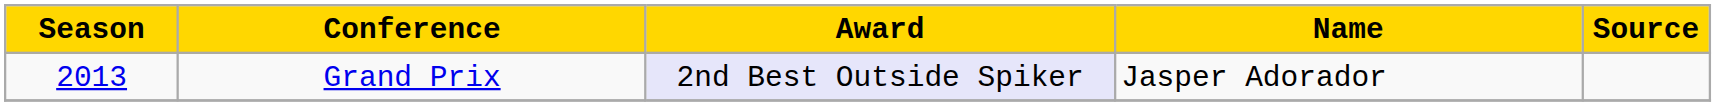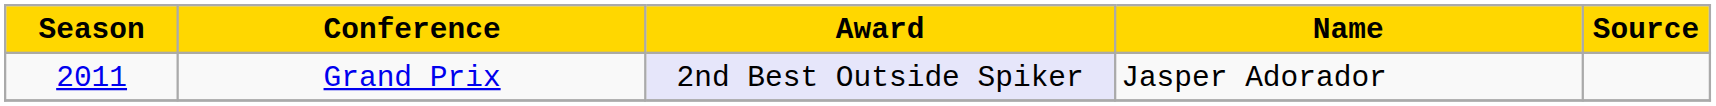 <table class="wikitable" style="text-align:center;">
 <tr>
 <th width=70px style="background: #FFD700; color: black text-align: center"><strong>Season</strong></th>
 <th width=200px style="background: #FFD700; color: black"><strong>Conference</strong></th>
 <th width=200px style="background: #FFD700; color: black"><strong>Award</strong></th>
 <th width=200px style="background: #FFD700; color: black"><strong>Name</strong></th>
 <th width=50px style="background: #FFD700; color: black"><strong>Source</strong></th>
 </tr>
 <tr>
-<td rowspan=1><a href='#'>2013</a></td>
+<td rowspan=1><a href='#'>2011</a></td>
 <td rowspan=1><a href='#'>Grand Prix</a></td>
 <td style="background: lavender;">2nd Best Outside Spiker</td>
 <td style="text-align:left;"> Jasper Adorador</td>
 <td></td>
 </tr>
 <tr>
 </tr>
 </table>
